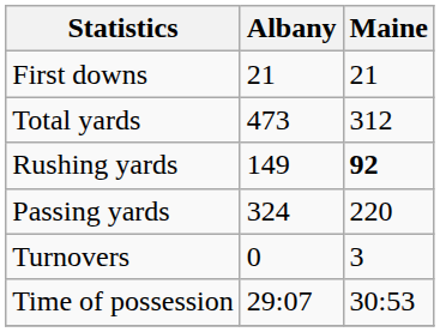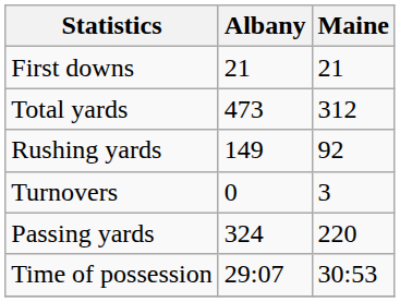 <table class="wikitable">
 <tr>
 <th>Statistics</th>
 <th>Albany</th>
 <th>Maine</th>
 </tr>
 <tr>
 <td>First downs</td>
 <td>21</td>
 <td>21</td>
 </tr>
 <tr>
 <td>Total yards</td>
 <td>473</td>
 <td>312</td>
 </tr>
 <tr>
 <td>Rushing yards</td>
 <td>149</td>
-<td><strong>92</strong></td>
+<td>92</td>
+</tr>
+<tr>
+<td>Turnovers</td>
+<td>0</td>
+<td>3</td>
 </tr>
 <tr>
 <td>Passing yards</td>
 <td>324</td>
 <td>220</td>
-</tr>
-<tr>
-<td>Turnovers</td>
-<td>0</td>
-<td>3</td>
 </tr>
 <tr>
 <td>Time of possession</td>
 <td>29:07</td>
 <td>30:53</td>
 </tr>
 <tr>
 </tr>
 </table>
